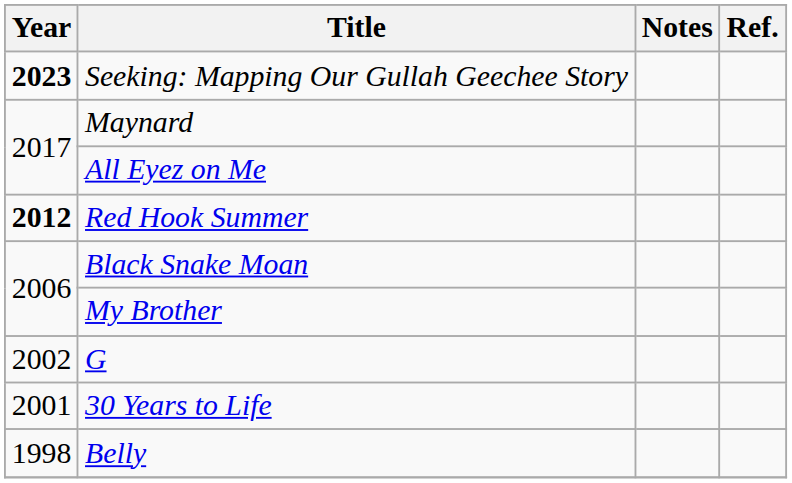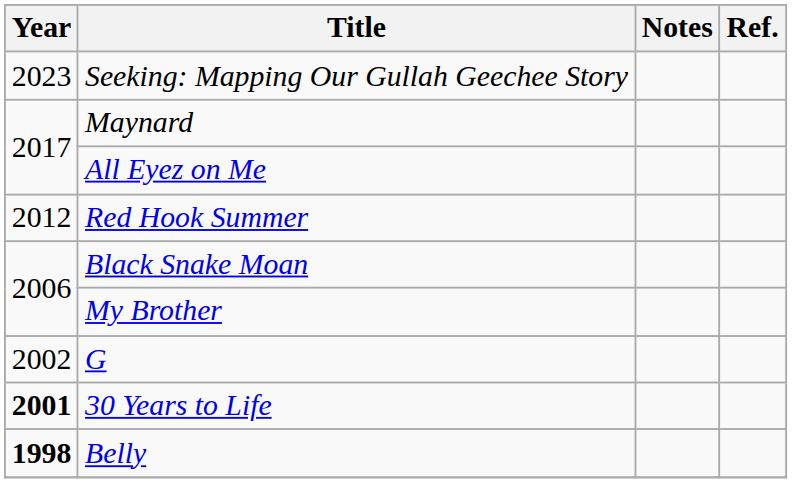 <table class="wikitable" style="font-size:100%">
 <tr style="text-align:center;">
 <th>Year</th>
 <th>Title</th>
 <th>Notes</th>
 <th>Ref.</th>
 </tr>
 <tr>
-<td rowspan="1"><strong>2023</strong></td>
+<td rowspan="1">2023</td>
 <td><em>Seeking: Mapping Our Gullah Geechee Story</em></td>
 <td></td>
 <td></td>
 </tr>
 <tr>
 <td rowspan="2">2017</td>
 <td><em>Maynard</em></td>
 <td></td>
 <td></td>
 </tr>
 <tr>
 <td><em><a href='#'>All Eyez on Me</a></em></td>
 <td></td>
 <td></td>
 </tr>
 <tr>
-<td rowspan="1"><strong>2012</strong></td>
+<td rowspan="1">2012</td>
 <td><em><a href='#'>Red Hook Summer</a></em></td>
 <td></td>
 <td></td>
 </tr>
 <tr>
 <td rowspan="2">2006</td>
 <td><em><a href='#'>Black Snake Moan</a></em></td>
 <td></td>
 <td></td>
 </tr>
 <tr>
 <td><em><a href='#'>My Brother</a></em></td>
 <td></td>
 <td></td>
 </tr>
 <tr>
 <td rowspan="1">2002</td>
 <td><em><a href='#'>G</a></em></td>
 <td></td>
 <td></td>
 </tr>
 <tr>
-<td rowspan="1">2001</td>
+<td rowspan="1"><strong>2001</strong></td>
 <td><em><a href='#'>30 Years to Life</a></em></td>
 <td></td>
 <td></td>
 </tr>
 <tr>
-<td rowspan="1">1998</td>
+<td rowspan="1"><strong>1998</strong></td>
 <td><em><a href='#'>Belly</a></em></td>
 <td></td>
 <td></td>
 </tr>
 <tr>
 </tr>
 </table>
